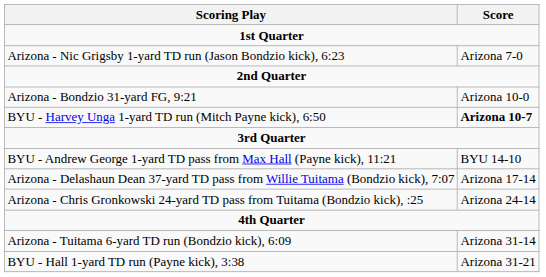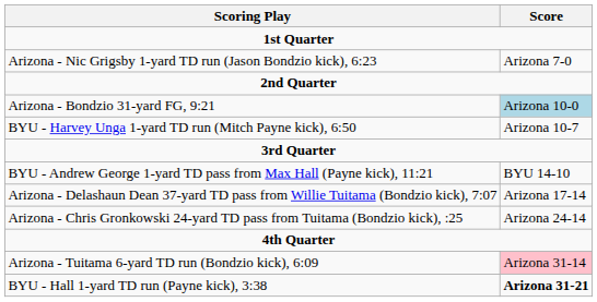 <table class="wikitable">
 <tr>
 <th>Scoring Play</th>
 <th>Score</th>
 </tr>
 <tr>
 <td colspan="4" align="center"><strong>1st Quarter</strong></td>
 </tr>
 <tr>
 <td>Arizona - Nic Grigsby 1-yard TD run (Jason Bondzio kick), 6:23</td>
 <td>Arizona 7-0</td>
 </tr>
 <tr>
 <td colspan="4" align="center"><strong>2nd Quarter</strong></td>
 </tr>
 <tr>
 <td>Arizona - Bondzio 31-yard FG, 9:21</td>
-<td>Arizona 10-0</td>
+<td style="background: lightblue;">Arizona 10-0</td>
 </tr>
 <tr>
 <td>BYU - <a href='#'>Harvey Unga</a> 1-yard TD run (Mitch Payne kick), 6:50</td>
-<td><strong>Arizona 10-7</strong></td>
+<td>Arizona 10-7</td>
 </tr>
 <tr>
 <td colspan="4" align="center"><strong>3rd Quarter</strong></td>
 </tr>
 <tr>
 <td>BYU - Andrew George 1-yard TD pass from <a href='#'>Max Hall</a> (Payne kick), 11:21</td>
 <td>BYU 14-10</td>
 </tr>
 <tr>
 <td>Arizona - Delashaun Dean 37-yard TD pass from <a href='#'>Willie Tuitama</a> (Bondzio kick), 7:07</td>
 <td>Arizona 17-14</td>
 </tr>
 <tr>
 <td>Arizona - Chris Gronkowski 24-yard TD pass from Tuitama (Bondzio kick), :25</td>
 <td>Arizona 24-14</td>
 </tr>
 <tr>
 <td colspan="4" align="center"><strong>4th Quarter</strong></td>
 </tr>
 <tr>
 <td>Arizona - Tuitama 6-yard TD run (Bondzio kick), 6:09</td>
-<td>Arizona 31-14</td>
+<td style="background: pink;">Arizona 31-14</td>
 </tr>
 <tr>
 <td>BYU - Hall 1-yard TD run (Payne kick), 3:38</td>
-<td>Arizona 31-21</td>
+<td><strong>Arizona 31-21</strong></td>
 </tr>
 </table>
